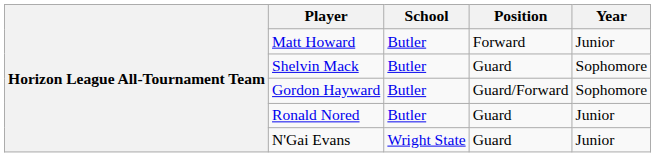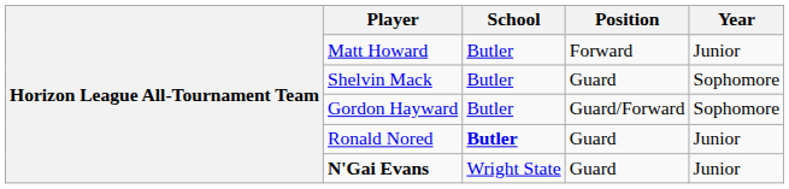 <table class="wikitable" border="1">
 <tr>
 <th rowspan=6 valign=middle>Horizon League All-Tournament Team</th>
 <th>Player</th>
 <th>School</th>
 <th>Position</th>
 <th>Year</th>
 </tr>
 <tr>
 <td><a href='#'>Matt Howard</a></td>
 <td><a href='#'>Butler</a></td>
 <td>Forward</td>
 <td>Junior</td>
 </tr>
 <tr>
 <td><a href='#'>Shelvin Mack</a></td>
 <td><a href='#'>Butler</a></td>
 <td>Guard</td>
 <td>Sophomore</td>
 </tr>
 <tr>
 <td><a href='#'>Gordon Hayward</a></td>
 <td><a href='#'>Butler</a></td>
 <td>Guard/Forward</td>
 <td>Sophomore</td>
 </tr>
 <tr>
 <td><a href='#'>Ronald Nored</a></td>
-<td><a href='#'>Butler</a></td>
+<td><strong><a href='#'>Butler</a></strong></td>
 <td>Guard</td>
 <td>Junior</td>
 </tr>
 <tr>
-<td>N'Gai Evans</td>
+<td><strong>N'Gai Evans</strong></td>
 <td><a href='#'>Wright State</a></td>
 <td>Guard</td>
 <td>Junior</td>
 </tr>
 </table>
